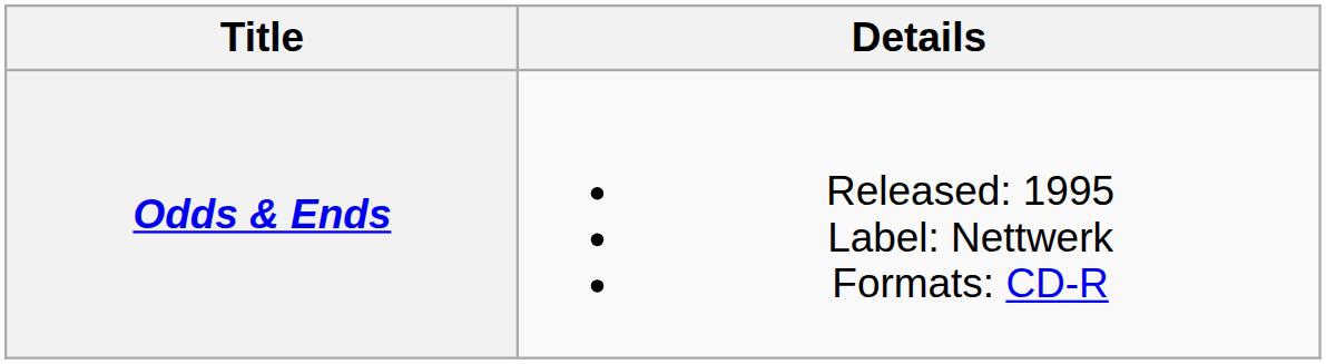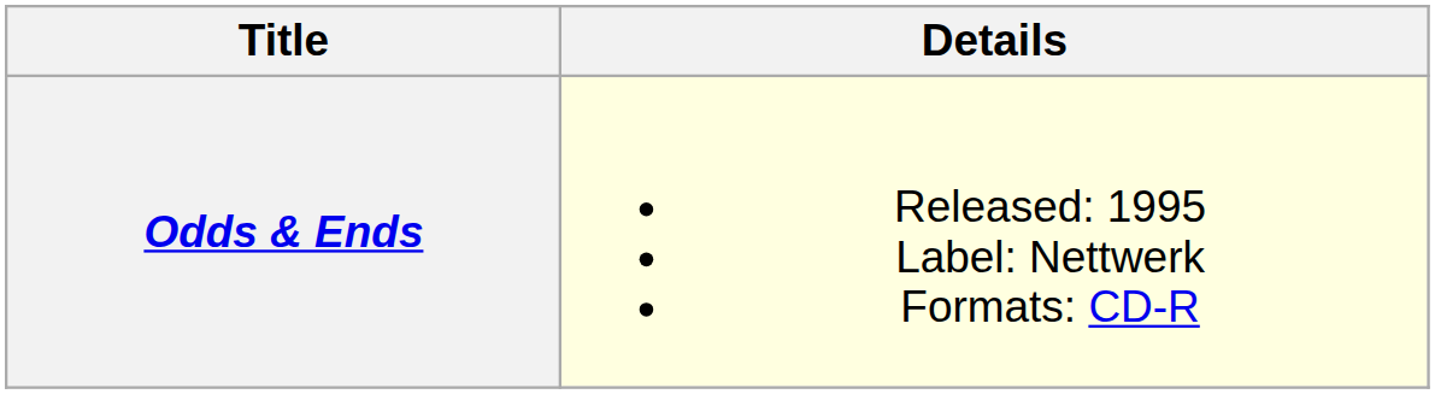 <table class="wikitable plainrowheaders" style="text-align:center;" border="1">
 <tr>
 <th scope="col" style="width:12em;">Title</th>
 <th scope="col" style="width:19em;">Details</th>
 </tr>
 <tr>
 <th scope="row"><em><a href='#'>Odds & Ends</a></em></th>
-<td><br><ul><li>Released: 1995</li><li>Label: Nettwerk</li><li>Formats: <a href='#'>CD-R</a></li></ul></td>
+<td style="background: lightyellow;"><br><ul><li>Released: 1995</li><li>Label: Nettwerk</li><li>Formats: <a href='#'>CD-R</a></li></ul></td>
 </tr>
 </table>
